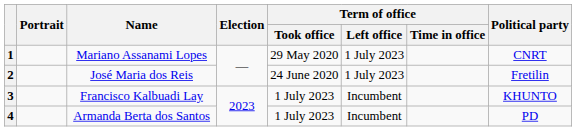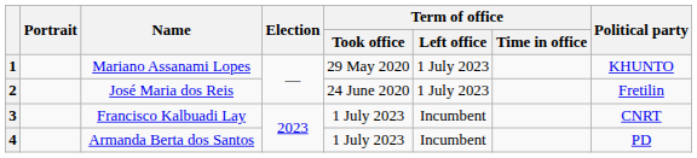 <table class="wikitable" style="text-align:center">
 <tr>
 <th rowspan="2"></th>
 <th rowspan="2">Portrait</th>
 <th rowspan="2" width="180">Name<br></th>
 <th rowspan="2">Election</th>
 <th colspan="3">Term of office</th>
 <th rowspan="2">Political party</th>
 </tr>
 <tr>
 <th>Took office</th>
 <th>Left office</th>
 <th>Time in office</th>
 </tr>
 <tr>
 <th style="background:">1</th>
 <td></td>
 <td><a href='#'>Mariano Assanami Lopes</a><br></td>
 <td rowspan="2">—</td>
 <td>29 May 2020</td>
 <td>1 July 2023</td>
 <td></td>
-<td><a href='#'>CNRT</a></td>
+<td><a href='#'>KHUNTO</a></td>
 </tr>
 <tr>
 <th style="background:">2</th>
 <td></td>
 <td><a href='#'>José Maria dos Reis</a><br></td>
 <td>24 June 2020</td>
 <td>1 July 2023</td>
 <td></td>
 <td><a href='#'>Fretilin</a></td>
 </tr>
 <tr>
 <th style="background:">3</th>
 <td></td>
 <td><a href='#'>Francisco Kalbuadi Lay</a><br></td>
 <td rowspan="2"><a href='#'>2023</a></td>
 <td>1 July 2023</td>
 <td>Incumbent</td>
 <td></td>
-<td><a href='#'>KHUNTO</a></td>
+<td><a href='#'>CNRT</a></td>
 </tr>
 <tr>
 <th style="background:">4</th>
 <td></td>
 <td><a href='#'>Armanda Berta dos Santos</a><br></td>
 <td>1 July 2023</td>
 <td>Incumbent</td>
 <td></td>
 <td><a href='#'>PD</a></td>
 </tr>
 </table>
